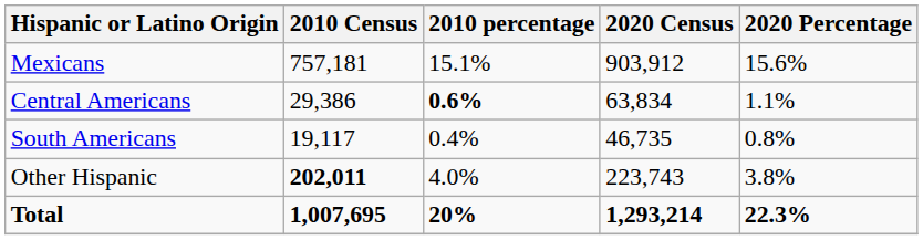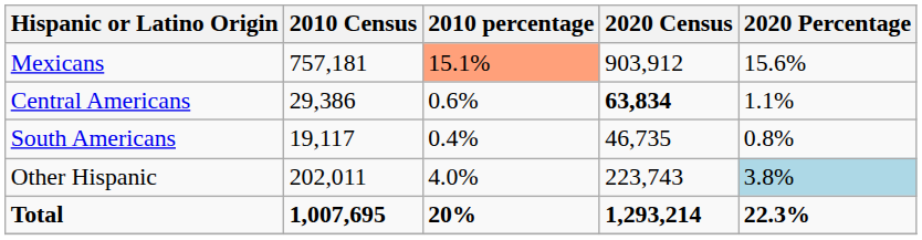 <table class="wikitable sortable" style>
 <tr>
 <th>Hispanic or Latino Origin</th>
 <th>2010 Census</th>
 <th>2010 percentage</th>
 <th>2020 Census</th>
 <th>2020 Percentage</th>
 </tr>
 <tr>
 <td><a href='#'>Mexicans</a></td>
 <td>757,181</td>
-<td>15.1%</td>
+<td style="background: lightsalmon;">15.1%</td>
 <td>903,912</td>
 <td>15.6%</td>
 </tr>
 <tr>
 <td><a href='#'>Central Americans</a></td>
 <td>29,386</td>
-<td><strong>0.6%</strong></td>
-<td>63,834</td>
+<td>0.6%</td>
+<td><strong>63,834</strong></td>
 <td>1.1%</td>
 </tr>
 <tr>
 <td><a href='#'>South Americans</a></td>
 <td>19,117</td>
 <td>0.4%</td>
 <td>46,735</td>
 <td>0.8%</td>
 </tr>
 <tr>
 <td>Other Hispanic</td>
-<td><strong>202,011</strong></td>
+<td>202,011</td>
 <td>4.0%</td>
 <td>223,743</td>
-<td>3.8%</td>
+<td style="background: lightblue;">3.8%</td>
 </tr>
 <tr class="sortbottom">
 <td><strong>Total</strong></td>
 <td><strong>1,007,695</strong></td>
 <td><strong>20%</strong></td>
 <td><strong>1,293,214</strong></td>
 <td><strong>22.3%</strong></td>
 </tr>
 <tr>
 </tr>
 </table>
